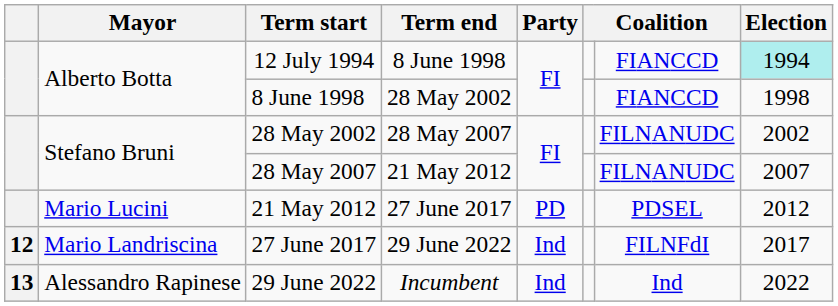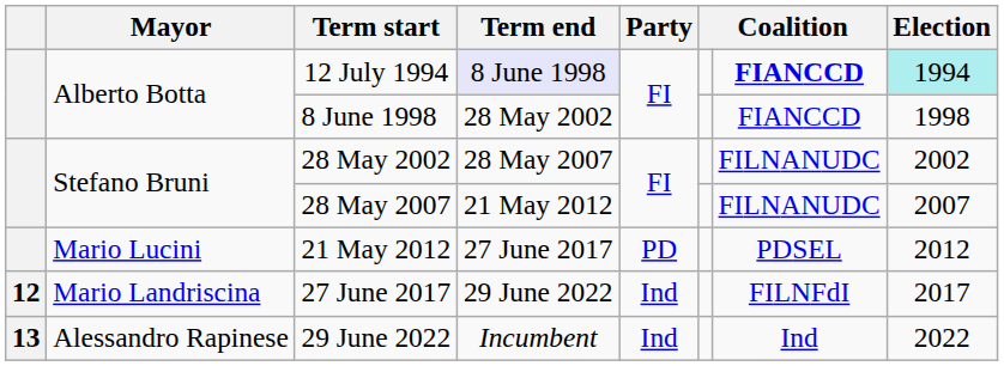 <table class="wikitable">
 <tr>
 <th class=unsortable> </th>
 <th>Mayor</th>
 <th>Term start</th>
 <th>Term end</th>
 <th>Party</th>
 <th colspan="2">Coalition</th>
 <th>Election</th>
 </tr>
 <tr>
 <th rowspan=2 style="background:"></th>
 <td rowspan=2>Alberto Botta</td>
 <td align=center>12 July 1994</td>
-<td align=center>8 June 1998</td>
+<td align=center style="background: lavender;">8 June 1998</td>
 <td rowspan=2 align=center><a href='#'>FI</a></td>
 <td style="background: "></td>
-<td align=center><a href='#'>FI</a><a href='#'>AN</a><a href='#'>CCD</a></td>
+<td align=center><strong><a href='#'>FI</a><a href='#'>AN</a><a href='#'>CCD</a></strong></td>
 <td align=center style="background: paleturquoise;">1994</td>
 </tr>
 <tr>
 <td>8 June 1998</td>
 <td>28 May 2002</td>
 <td style="background: "></td>
 <td align=center><a href='#'>FI</a><a href='#'>AN</a><a href='#'>CCD</a></td>
 <td align=center>1998</td>
 </tr>
 <tr>
 <th rowspan=2 style="background:"></th>
 <td rowspan=2>Stefano Bruni</td>
 <td align=center>28 May 2002</td>
 <td align=center>28 May 2007</td>
 <td rowspan=2 align=center><a href='#'>FI</a></td>
 <td style="background: "></td>
 <td align=center><a href='#'>FI</a><a href='#'>LN</a><a href='#'>AN</a><a href='#'>UDC</a></td>
 <td align=center>2002</td>
 </tr>
 <tr>
 <td>28 May 2007</td>
 <td>21 May 2012</td>
 <td style="background: "></td>
 <td align=center><a href='#'>FI</a><a href='#'>LN</a><a href='#'>AN</a><a href='#'>UDC</a></td>
 <td align=center>2007</td>
 </tr>
 <tr>
 <th style="background:"></th>
 <td><a href='#'>Mario Lucini</a></td>
 <td align=center>21 May 2012</td>
 <td align=center>27 June 2017</td>
 <td align=center><a href='#'>PD</a></td>
 <td style="background: "></td>
 <td align=center><a href='#'>PD</a><a href='#'>SEL</a></td>
 <td align=center>2012</td>
 </tr>
 <tr>
 <th style="background:">12</th>
 <td><a href='#'>Mario Landriscina</a></td>
 <td align=center>27 June 2017</td>
 <td align=center>29 June 2022</td>
 <td align=center><a href='#'>Ind</a></td>
 <td style="background: "></td>
 <td align=center><a href='#'>FI</a><a href='#'>LN</a><a href='#'>FdI</a></td>
 <td align=center>2017</td>
 </tr>
 <tr>
 <th style="background:">13</th>
 <td>Alessandro Rapinese</td>
 <td align=center>29 June 2022</td>
 <td align=center><em>Incumbent</em></td>
 <td align=center><a href='#'>Ind</a></td>
 <td style="background: "></td>
 <td align=center><a href='#'>Ind</a></td>
 <td align=center>2022</td>
 </tr>
 </table>
